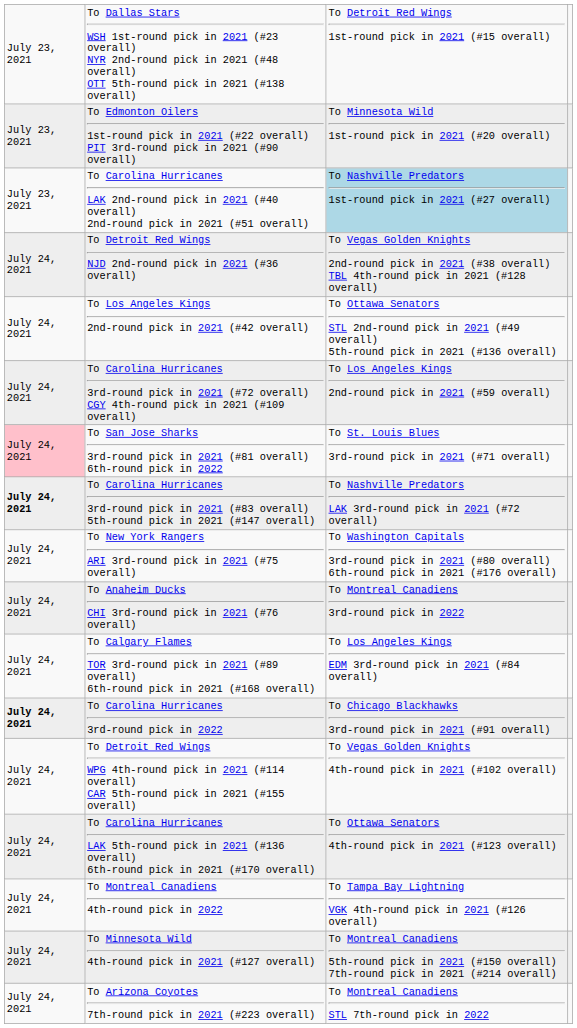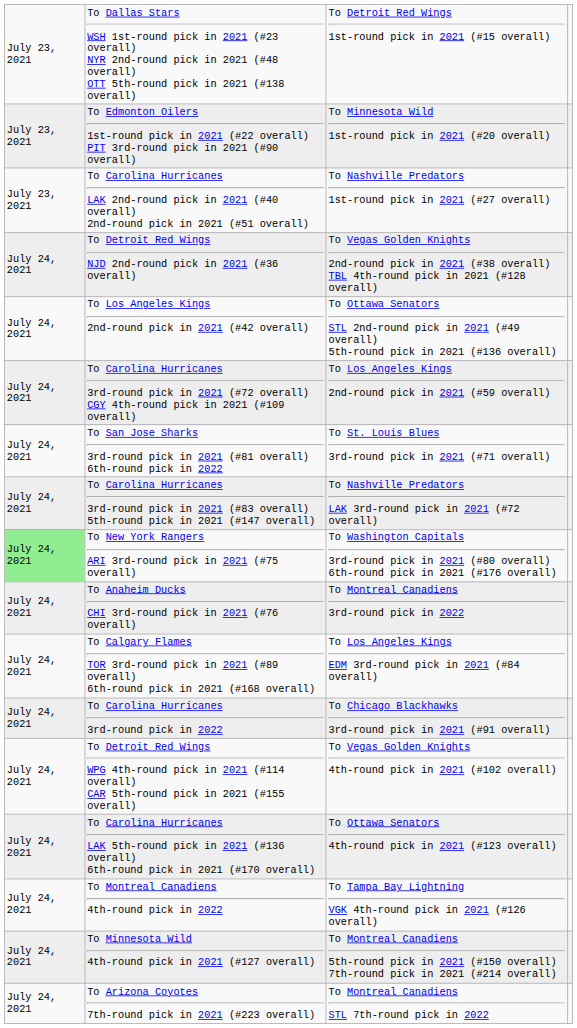 <table class="wikitable" style="border:1px solid #999999; width:720px;">
 <tr>
 <td>July 23, 2021</td>
 <td valign="top">To <a href='#'>Dallas Stars</a><hr><a href='#'>WSH</a> 1st-round pick in <a href='#'>2021</a> (#23 overall)<br><a href='#'>NYR</a> 2nd-round pick in 2021 (#48 overall)<br><a href='#'>OTT</a> 5th-round pick in 2021 (#138 overall)</td>
 <td valign="top">To <a href='#'>Detroit Red Wings</a><hr>1st-round pick in <a href='#'>2021</a> (#15 overall)</td>
 <td></td>
 </tr>
 <tr bgcolor="eeeeee">
 <td>July 23, 2021</td>
 <td valign="top">To <a href='#'>Edmonton Oilers</a><hr>1st-round pick in <a href='#'>2021</a> (#22 overall)<br><a href='#'>PIT</a> 3rd-round pick in 2021 (#90 overall)</td>
 <td valign="top">To <a href='#'>Minnesota Wild</a><hr>1st-round pick in <a href='#'>2021</a> (#20 overall)</td>
 <td></td>
 </tr>
 <tr>
 <td>July 23, 2021</td>
 <td valign="top">To <a href='#'>Carolina Hurricanes</a><hr><a href='#'>LAK</a> 2nd-round pick in <a href='#'>2021</a> (#40 overall)<br>2nd-round pick in 2021 (#51 overall)</td>
-<td valign="top" style="background: lightblue;">To <a href='#'>Nashville Predators</a><hr>1st-round pick in <a href='#'>2021</a> (#27 overall)</td>
+<td valign="top">To <a href='#'>Nashville Predators</a><hr>1st-round pick in <a href='#'>2021</a> (#27 overall)</td>
 <td></td>
 </tr>
 <tr bgcolor="eeeeee">
 <td>July 24, 2021</td>
 <td valign="top">To <a href='#'>Detroit Red Wings</a><hr><a href='#'>NJD</a> 2nd-round pick in <a href='#'>2021</a> (#36 overall)</td>
 <td valign="top">To <a href='#'>Vegas Golden Knights</a><hr>2nd-round pick in <a href='#'>2021</a> (#38 overall)<br><a href='#'>TBL</a> 4th-round pick in 2021 (#128 overall)</td>
 <td></td>
 </tr>
 <tr>
 <td>July 24, 2021</td>
 <td valign="top">To <a href='#'>Los Angeles Kings</a><hr>2nd-round pick in <a href='#'>2021</a> (#42 overall)</td>
 <td valign="top">To <a href='#'>Ottawa Senators</a><hr><a href='#'>STL</a> 2nd-round pick in <a href='#'>2021</a> (#49 overall)<br>5th-round pick in 2021 (#136 overall)</td>
 <td></td>
 </tr>
 <tr bgcolor="eeeeee">
 <td>July 24, 2021</td>
 <td valign="top">To <a href='#'>Carolina Hurricanes</a><hr>3rd-round pick in <a href='#'>2021</a> (#72 overall)<br><a href='#'>CGY</a> 4th-round pick in 2021 (#109 overall)</td>
 <td valign="top">To <a href='#'>Los Angeles Kings</a><hr>2nd-round pick in <a href='#'>2021</a> (#59 overall)</td>
 <td></td>
 </tr>
 <tr>
-<td style="background: pink;">July 24, 2021</td>
+<td>July 24, 2021</td>
 <td valign="top">To <a href='#'>San Jose Sharks</a><hr>3rd-round pick in <a href='#'>2021</a> (#81 overall)<br>6th-round pick in <a href='#'>2022</a></td>
 <td valign="top">To <a href='#'>St. Louis Blues</a><hr>3rd-round pick in <a href='#'>2021</a> (#71 overall)</td>
 <td></td>
 </tr>
 <tr bgcolor="eeeeee">
-<td><strong>July 24, 2021</strong></td>
+<td>July 24, 2021</td>
 <td valign="top">To <a href='#'>Carolina Hurricanes</a><hr>3rd-round pick in <a href='#'>2021</a> (#83 overall)<br>5th-round pick in 2021 (#147 overall)</td>
 <td valign="top">To <a href='#'>Nashville Predators</a><hr><a href='#'>LAK</a> 3rd-round pick in <a href='#'>2021</a> (#72 overall)</td>
 <td></td>
 </tr>
 <tr>
-<td>July 24, 2021</td>
+<td style="background: lightgreen;">July 24, 2021</td>
 <td valign="top">To <a href='#'>New York Rangers</a><hr><a href='#'>ARI</a> 3rd-round pick in <a href='#'>2021</a> (#75 overall)</td>
 <td valign="top">To <a href='#'>Washington Capitals</a><hr>3rd-round pick in <a href='#'>2021</a> (#80 overall)<br>6th-round pick in 2021 (#176 overall)</td>
 <td></td>
 </tr>
 <tr bgcolor="eeeeee">
 <td>July 24, 2021</td>
 <td valign="top">To <a href='#'>Anaheim Ducks</a><hr><a href='#'>CHI</a> 3rd-round pick in <a href='#'>2021</a> (#76 overall)</td>
 <td valign="top">To <a href='#'>Montreal Canadiens</a><hr>3rd-round pick in <a href='#'>2022</a></td>
 <td></td>
 </tr>
 <tr>
 <td>July 24, 2021</td>
 <td valign="top">To <a href='#'>Calgary Flames</a><hr><a href='#'>TOR</a> 3rd-round pick in <a href='#'>2021</a> (#89 overall)<br>6th-round pick in 2021 (#168 overall)</td>
 <td valign="top">To <a href='#'>Los Angeles Kings</a><hr><a href='#'>EDM</a> 3rd-round pick in <a href='#'>2021</a> (#84 overall)</td>
 <td></td>
 </tr>
 <tr bgcolor="eeeeee">
-<td><strong>July 24, 2021</strong></td>
+<td>July 24, 2021</td>
 <td valign="top">To <a href='#'>Carolina Hurricanes</a><hr>3rd-round pick in <a href='#'>2022</a></td>
 <td valign="top">To <a href='#'>Chicago Blackhawks</a><hr>3rd-round pick in <a href='#'>2021</a> (#91 overall)</td>
 <td></td>
 </tr>
 <tr>
 <td>July 24, 2021</td>
 <td valign="top">To <a href='#'>Detroit Red Wings</a><hr><a href='#'>WPG</a> 4th-round pick in <a href='#'>2021</a> (#114 overall)<br><a href='#'>CAR</a> 5th-round pick in 2021 (#155 overall)</td>
 <td valign="top">To <a href='#'>Vegas Golden Knights</a><hr>4th-round pick in <a href='#'>2021</a> (#102 overall)</td>
 <td></td>
 </tr>
 <tr bgcolor="eeeeee">
 <td>July 24, 2021</td>
 <td valign="top">To <a href='#'>Carolina Hurricanes</a><hr><a href='#'>LAK</a> 5th-round pick in <a href='#'>2021</a> (#136 overall)<br>6th-round pick in 2021 (#170 overall)</td>
 <td valign="top">To <a href='#'>Ottawa Senators</a><hr>4th-round pick in <a href='#'>2021</a> (#123 overall)</td>
 <td></td>
 </tr>
 <tr>
 <td>July 24, 2021</td>
 <td valign="top">To <a href='#'>Montreal Canadiens</a><hr>4th-round pick in <a href='#'>2022</a></td>
 <td valign="top">To <a href='#'>Tampa Bay Lightning</a><hr><a href='#'>VGK</a> 4th-round pick in <a href='#'>2021</a> (#126 overall)</td>
 <td></td>
 </tr>
 <tr bgcolor="eeeeee">
 <td>July 24, 2021</td>
 <td valign="top">To <a href='#'>Minnesota Wild</a><hr>4th-round pick in <a href='#'>2021</a> (#127 overall)</td>
 <td valign="top">To <a href='#'>Montreal Canadiens</a><hr>5th-round pick in <a href='#'>2021</a> (#150 overall)<br>7th-round pick in 2021 (#214 overall)</td>
 <td></td>
 </tr>
 <tr>
 <td>July 24, 2021</td>
 <td valign="top">To <a href='#'>Arizona Coyotes</a><hr>7th-round pick in <a href='#'>2021</a> (#223 overall)</td>
 <td valign="top">To <a href='#'>Montreal Canadiens</a><hr><a href='#'>STL</a> 7th-round pick in <a href='#'>2022</a></td>
 <td></td>
 </tr>
 </table>
